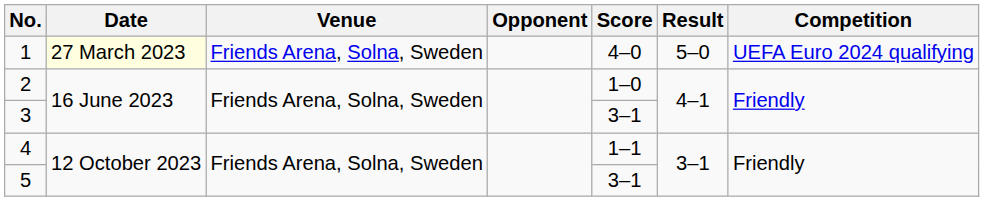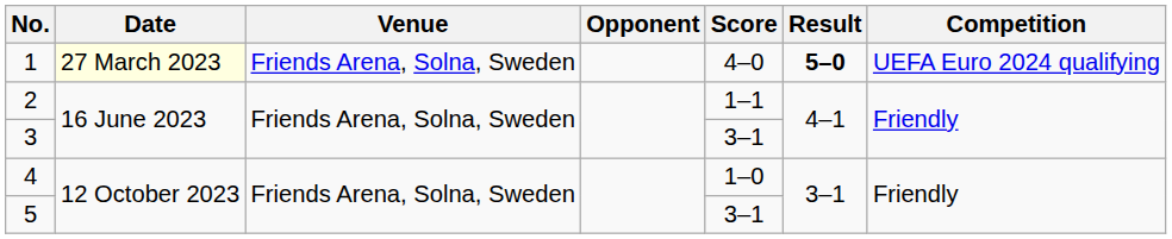 <table class="wikitable sortable">
 <tr>
 <th scope="col">No.</th>
 <th scope="col">Date</th>
 <th scope="col">Venue</th>
 <th scope="col">Opponent</th>
 <th scope="col">Score</th>
 <th scope="col">Result</th>
 <th scope="col">Competition</th>
 </tr>
 <tr>
 <td style="text-align:center">1</td>
 <td style="background: lightyellow;">27 March 2023</td>
 <td><a href='#'>Friends Arena</a>, <a href='#'>Solna</a>, Sweden</td>
 <td></td>
 <td style="text-align:center">4–0</td>
-<td style="text-align:center">5–0</td>
+<td style="text-align:center"><strong>5–0</strong></td>
 <td><a href='#'>UEFA Euro 2024 qualifying</a></td>
 </tr>
 <tr>
 <td style="text-align:center">2</td>
 <td rowspan="2">16 June 2023</td>
 <td rowspan="2">Friends Arena, Solna, Sweden</td>
 <td rowspan="2"></td>
-<td style="text-align:center">1–0</td>
+<td style="text-align:center">1–1</td>
 <td rowspan="2" style="text-align:center">4–1</td>
 <td rowspan="2"><a href='#'>Friendly</a></td>
 </tr>
 <tr>
 <td style="text-align:center">3</td>
 <td style="text-align:center">3–1</td>
 </tr>
 <tr>
 <td style="text-align:center">4</td>
 <td rowspan="2">12 October 2023</td>
 <td rowspan="2">Friends Arena, Solna, Sweden</td>
 <td rowspan="2"></td>
-<td style="text-align:center">1–1</td>
+<td style="text-align:center">1–0</td>
 <td rowspan="2" style="text-align:center">3–1</td>
 <td rowspan="2">Friendly</td>
 </tr>
 <tr>
 <td style="text-align:center">5</td>
 <td style="text-align:center">3–1</td>
 </tr>
 </table>
